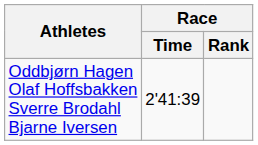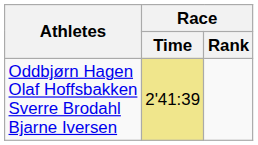 <table class="wikitable" style="font-size:90%">
 <tr>
 <th rowspan=2>Athletes</th>
 <th colspan=2>Race</th>
 </tr>
 <tr>
 <th>Time</th>
 <th>Rank</th>
 </tr>
 <tr>
 <td><a href='#'>Oddbjørn Hagen</a><br><a href='#'>Olaf Hoffsbakken</a><br><a href='#'>Sverre Brodahl</a><br><a href='#'>Bjarne Iversen</a></td>
-<td align=center>2'41:39</td>
+<td align=center style="background: khaki;">2'41:39</td>
 <td align=center></td>
 </tr>
 </table>
